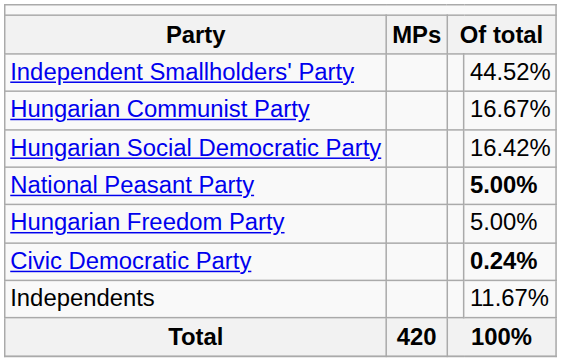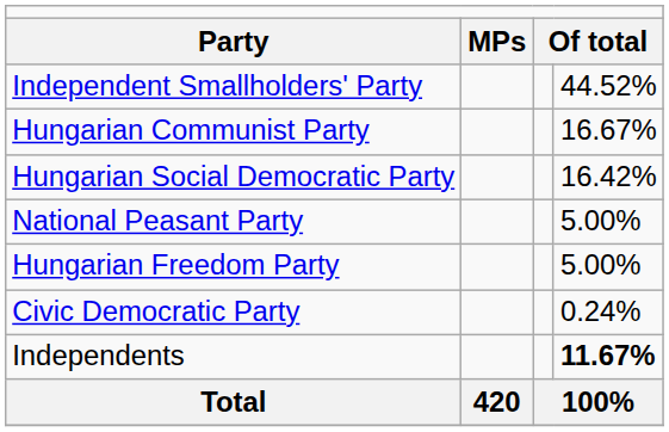 <table class=wikitable>
 <tr>
 <td colspan=9></td>
 </tr>
 <tr>
 <th>Party</th>
 <th>MPs</th>
 <th colspan=2>Of total</th>
 </tr>
 <tr>
 <td><a href='#'>Independent Smallholders' Party</a></td>
 <td></td>
 <td><div><div>  </div></div></td>
 <td>44.52%</td>
 </tr>
 <tr>
 <td><a href='#'>Hungarian Communist Party</a></td>
 <td></td>
 <td><div><div>  </div></div></td>
 <td>16.67%</td>
 </tr>
 <tr>
 <td><a href='#'>Hungarian Social Democratic Party</a></td>
 <td></td>
 <td><div><div>  </div></div></td>
 <td>16.42%</td>
 </tr>
 <tr>
 <td><a href='#'>National Peasant Party</a></td>
 <td></td>
 <td><div><div>  </div></div></td>
-<td><strong>5.00%</strong></td>
+<td>5.00%</td>
 </tr>
 <tr>
 <td><a href='#'>Hungarian Freedom Party</a></td>
 <td></td>
 <td><div><div>  </div></div></td>
 <td>5.00%</td>
 </tr>
 <tr>
 <td><a href='#'>Civic Democratic Party</a></td>
 <td></td>
 <td><div><div>  </div></div></td>
-<td><strong>0.24%</strong></td>
+<td>0.24%</td>
 </tr>
 <tr>
 <td>Independents</td>
 <td></td>
 <td><div><div>  </div></div></td>
-<td>11.67%</td>
+<td><strong>11.67%</strong></td>
 </tr>
 <tr>
 <th colspan="1"><strong>Total</strong></th>
 <th colspan="1"><strong>420</strong></th>
 <th colspan="2"><strong>100%</strong></th>
 </tr>
 <tr>
 </tr>
 </table>
